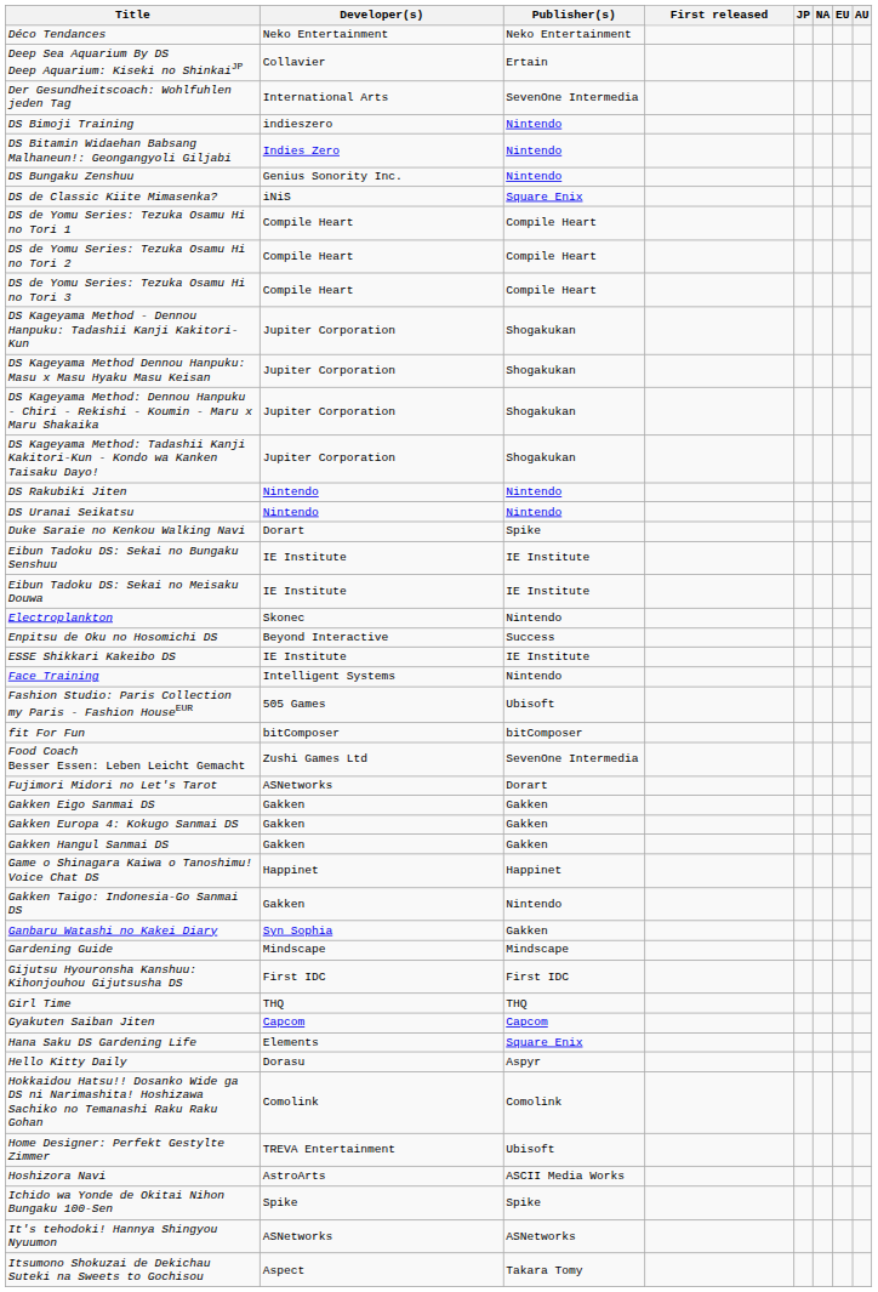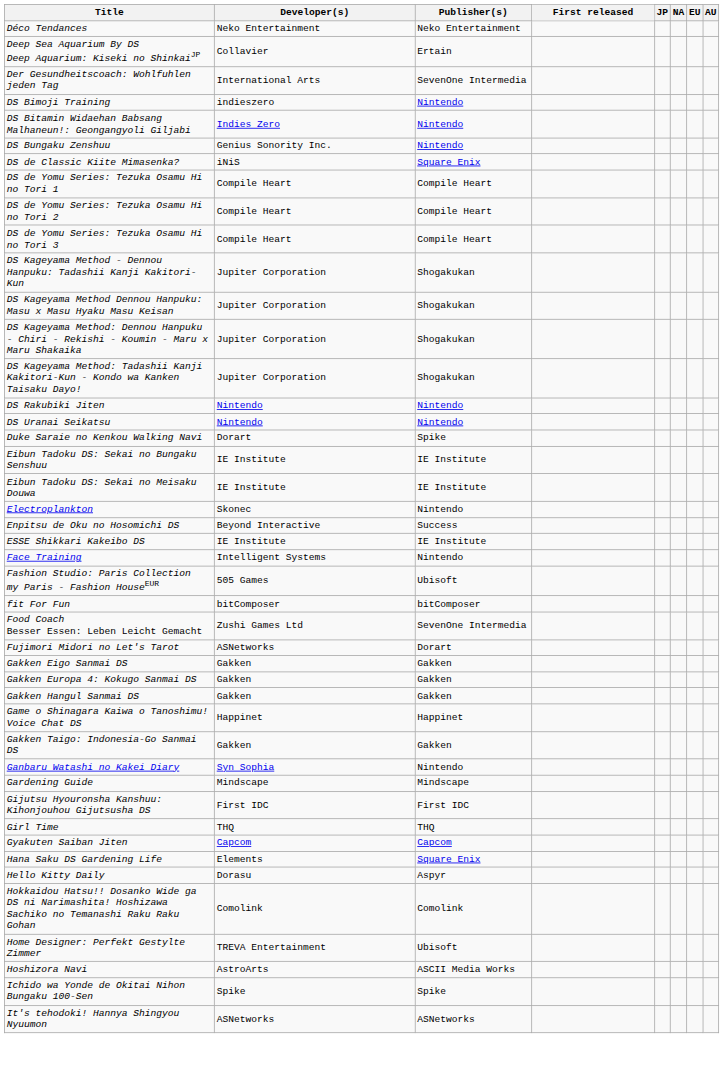 <table class="wikitable plainrowheaders sortable" style="font-size:90%;" id="applist">
 <tr>
 <th width=40%>Title</th>
 <th width=40%>Developer(s)</th>
 <th width=85%>Publisher(s)</th>
 <th style="display:inline-block; border:0; width:144px;">First released</th>
 <th width=5%>JP</th>
 <th width=5%>NA</th>
 <th width=5%>EU</th>
 <th width=5%>AU</th>
 </tr>
 <tr>
 <td><em>Déco Tendances</em></td>
 <td>Neko Entertainment</td>
 <td>Neko Entertainment</td>
 <td></td>
 <td></td>
 <td></td>
 <td></td>
 <td></td>
 </tr>
 <tr>
 <td><em>Deep Sea Aquarium By DS</em><br><em>Deep Aquarium: Kiseki no Shinkai</em><sup>JP</sup></td>
 <td>Collavier</td>
 <td>Ertain</td>
 <td></td>
 <td></td>
 <td></td>
 <td></td>
 <td></td>
 </tr>
 <tr>
 <td><em>Der Gesundheitscoach: Wohlfuhlen jeden Tag</em></td>
 <td>International Arts</td>
 <td>SevenOne Intermedia</td>
 <td></td>
 <td></td>
 <td></td>
 <td></td>
 <td></td>
 </tr>
 <tr>
 <td><em>DS Bimoji Training</em></td>
 <td>indieszero</td>
 <td><a href='#'>Nintendo</a></td>
 <td></td>
 <td></td>
 <td></td>
 <td></td>
 <td></td>
 </tr>
 <tr>
 <td><em>DS Bitamin Widaehan Babsang Malhaneun!: Geongangyoli Giljabi</em></td>
 <td><a href='#'>Indies Zero</a></td>
 <td><a href='#'>Nintendo</a></td>
 <td></td>
 <td></td>
 <td></td>
 <td></td>
 <td></td>
 </tr>
 <tr>
 <td><em>DS Bungaku Zenshuu</em></td>
 <td>Genius Sonority Inc.</td>
 <td><a href='#'>Nintendo</a></td>
 <td></td>
 <td></td>
 <td></td>
 <td></td>
 <td></td>
 </tr>
 <tr>
 <td><em>DS de Classic Kiite Mimasenka? </em></td>
 <td>iNiS</td>
 <td><a href='#'>Square Enix</a></td>
 <td></td>
 <td></td>
 <td></td>
 <td></td>
 <td></td>
 </tr>
 <tr>
 <td><em>DS de Yomu Series: Tezuka Osamu Hi no Tori 1</em></td>
 <td>Compile Heart</td>
 <td>Compile Heart</td>
 <td></td>
 <td></td>
 <td></td>
 <td></td>
 <td></td>
 </tr>
 <tr>
 <td><em>DS de Yomu Series: Tezuka Osamu Hi no Tori 2</em></td>
 <td>Compile Heart</td>
 <td>Compile Heart</td>
 <td></td>
 <td></td>
 <td></td>
 <td></td>
 <td></td>
 </tr>
 <tr>
 <td><em>DS de Yomu Series: Tezuka Osamu Hi no Tori 3</em></td>
 <td>Compile Heart</td>
 <td>Compile Heart</td>
 <td></td>
 <td></td>
 <td></td>
 <td></td>
 <td></td>
 </tr>
 <tr>
 <td><em>DS Kageyama Method - Dennou Hanpuku: Tadashii Kanji Kakitori-Kun</em></td>
 <td>Jupiter Corporation</td>
 <td>Shogakukan</td>
 <td></td>
 <td></td>
 <td></td>
 <td></td>
 <td></td>
 </tr>
 <tr>
 <td><em>DS Kageyama Method Dennou Hanpuku: Masu x Masu Hyaku Masu Keisan</em></td>
 <td>Jupiter Corporation</td>
 <td>Shogakukan</td>
 <td></td>
 <td></td>
 <td></td>
 <td></td>
 <td></td>
 </tr>
 <tr>
 <td><em>DS Kageyama Method: Dennou Hanpuku - Chiri - Rekishi - Koumin - Maru x Maru Shakaika</em></td>
 <td>Jupiter Corporation</td>
 <td>Shogakukan</td>
 <td></td>
 <td></td>
 <td></td>
 <td></td>
 <td></td>
 </tr>
 <tr>
 <td><em>DS Kageyama Method: Tadashii Kanji Kakitori-Kun - Kondo wa Kanken Taisaku Dayo!</em></td>
 <td>Jupiter Corporation</td>
 <td>Shogakukan</td>
 <td></td>
 <td></td>
 <td></td>
 <td></td>
 <td></td>
 </tr>
 <tr>
 <td><em>DS Rakubiki Jiten</em></td>
 <td><a href='#'>Nintendo</a></td>
 <td><a href='#'>Nintendo</a></td>
 <td></td>
 <td></td>
 <td></td>
 <td></td>
 <td></td>
 </tr>
 <tr>
 <td><em>DS Uranai Seikatsu</em></td>
 <td><a href='#'>Nintendo</a></td>
 <td><a href='#'>Nintendo</a></td>
 <td></td>
 <td></td>
 <td></td>
 <td></td>
 <td></td>
 </tr>
 <tr>
 <td><em>Duke Saraie no Kenkou Walking Navi</em></td>
 <td>Dorart</td>
 <td>Spike</td>
 <td></td>
 <td></td>
 <td></td>
 <td></td>
 <td></td>
 </tr>
 <tr>
 <td><em>Eibun Tadoku DS: Sekai no Bungaku Senshuu</em></td>
 <td>IE Institute</td>
 <td>IE Institute</td>
 <td></td>
 <td></td>
 <td></td>
 <td></td>
 <td></td>
 </tr>
 <tr>
 <td><em>Eibun Tadoku DS: Sekai no Meisaku Douwa</em></td>
 <td>IE Institute</td>
 <td>IE Institute</td>
 <td></td>
 <td></td>
 <td></td>
 <td></td>
 <td></td>
 </tr>
 <tr>
 <td><em><a href='#'>Electroplankton</a></em></td>
 <td>Skonec</td>
 <td>Nintendo</td>
 <td></td>
 <td></td>
 <td></td>
 <td></td>
 <td></td>
 </tr>
 <tr>
 <td><em>Enpitsu de Oku no Hosomichi DS</em></td>
 <td>Beyond Interactive</td>
 <td>Success</td>
 <td></td>
 <td></td>
 <td></td>
 <td></td>
 <td></td>
 </tr>
 <tr>
 <td><em>ESSE Shikkari Kakeibo DS</em></td>
 <td>IE Institute</td>
 <td>IE Institute</td>
 <td></td>
 <td></td>
 <td></td>
 <td></td>
 <td></td>
 </tr>
 <tr>
 <td><em><a href='#'>Face Training</a></em></td>
 <td>Intelligent Systems</td>
 <td>Nintendo</td>
 <td></td>
 <td></td>
 <td></td>
 <td></td>
 <td></td>
 </tr>
 <tr>
 <td><em>Fashion Studio: Paris Collection</em><br><em>my Paris - Fashion House</em><sup>EUR</sup></td>
 <td>505 Games</td>
 <td>Ubisoft</td>
 <td></td>
 <td></td>
 <td></td>
 <td></td>
 <td></td>
 </tr>
 <tr>
 <td><em>fit For Fun</em></td>
 <td>bitComposer</td>
 <td>bitComposer</td>
 <td></td>
 <td></td>
 <td></td>
 <td></td>
 <td></td>
 </tr>
 <tr>
 <td><em>Food Coach</em><br>Besser Essen: Leben Leicht Gemacht<br></td>
 <td>Zushi Games Ltd</td>
 <td>SevenOne Intermedia</td>
 <td></td>
 <td></td>
 <td></td>
 <td></td>
 <td></td>
 </tr>
 <tr>
 <td><em>Fujimori Midori no Let's Tarot</em></td>
 <td>ASNetworks</td>
 <td>Dorart</td>
 <td></td>
 <td></td>
 <td></td>
 <td></td>
 <td></td>
 </tr>
 <tr>
 <td><em>Gakken Eigo Sanmai DS</em></td>
 <td>Gakken</td>
 <td>Gakken</td>
 <td></td>
 <td></td>
 <td></td>
 <td></td>
 <td></td>
 </tr>
 <tr>
 <td><em>Gakken Europa 4: Kokugo Sanmai DS</em></td>
 <td>Gakken</td>
 <td>Gakken</td>
 <td></td>
 <td></td>
 <td></td>
 <td></td>
 <td></td>
 </tr>
 <tr>
 <td><em>Gakken Hangul Sanmai DS</em></td>
 <td>Gakken</td>
 <td>Gakken</td>
 <td></td>
 <td></td>
 <td></td>
 <td></td>
 <td></td>
 </tr>
 <tr>
 <td><em>Game o Shinagara Kaiwa o Tanoshimu! Voice Chat DS</em></td>
 <td>Happinet</td>
 <td>Happinet</td>
 <td></td>
 <td></td>
 <td></td>
 <td></td>
 <td></td>
 </tr>
 <tr>
 <td><em>Gakken Taigo: Indonesia-Go Sanmai DS</em></td>
 <td>Gakken</td>
-<td>Nintendo</td>
+<td>Gakken</td>
 <td></td>
 <td></td>
 <td></td>
 <td></td>
 <td></td>
 </tr>
 <tr>
 <td><em><a href='#'>Ganbaru Watashi no Kakei Diary</a></em></td>
 <td><a href='#'>Syn Sophia</a></td>
-<td>Gakken</td>
+<td>Nintendo</td>
 <td></td>
 <td></td>
 <td></td>
 <td></td>
 <td></td>
 </tr>
 <tr>
 <td><em>Gardening Guide</em></td>
 <td>Mindscape</td>
 <td>Mindscape</td>
 <td></td>
 <td></td>
 <td></td>
 <td></td>
 <td></td>
 </tr>
 <tr>
 <td><em>Gijutsu Hyouronsha Kanshuu: Kihonjouhou Gijutsusha DS</em></td>
 <td>First IDC</td>
 <td>First IDC</td>
 <td></td>
 <td></td>
 <td></td>
 <td></td>
 <td></td>
 </tr>
 <tr>
 <td><em>Girl Time</em></td>
 <td>THQ</td>
 <td>THQ</td>
 <td></td>
 <td></td>
 <td></td>
 <td></td>
 <td></td>
 </tr>
 <tr>
 <td><em>Gyakuten Saiban Jiten</em></td>
 <td><a href='#'>Capcom</a></td>
 <td><a href='#'>Capcom</a></td>
 <td></td>
 <td></td>
 <td></td>
 <td></td>
 <td></td>
 </tr>
 <tr>
 <td><em>Hana Saku DS Gardening Life</em></td>
 <td>Elements</td>
 <td><a href='#'>Square Enix</a></td>
 <td></td>
 <td></td>
 <td></td>
 <td></td>
 <td></td>
 </tr>
 <tr>
 <td><em>Hello Kitty Daily</em></td>
 <td>Dorasu</td>
 <td>Aspyr</td>
 <td></td>
 <td></td>
 <td></td>
 <td></td>
 <td></td>
 </tr>
 <tr>
 <td><em>Hokkaidou Hatsu!! Dosanko Wide ga DS ni Narimashita! Hoshizawa Sachiko no Temanashi Raku Raku Gohan</em></td>
 <td>Comolink</td>
 <td>Comolink</td>
 <td></td>
 <td></td>
 <td></td>
 <td></td>
 <td></td>
 </tr>
 <tr>
 <td><em>Home Designer: Perfekt Gestylte Zimmer</em></td>
 <td>TREVA Entertainment</td>
 <td>Ubisoft</td>
 <td></td>
 <td></td>
 <td></td>
 <td></td>
 <td></td>
 </tr>
 <tr>
 <td><em>Hoshizora Navi</em></td>
 <td>AstroArts</td>
 <td>ASCII Media Works</td>
 <td></td>
 <td></td>
 <td></td>
 <td></td>
 <td></td>
 </tr>
 <tr>
 <td><em>Ichido wa Yonde de Okitai Nihon Bungaku 100-Sen</em></td>
 <td>Spike</td>
 <td>Spike</td>
 <td></td>
 <td></td>
 <td></td>
 <td></td>
 <td></td>
 </tr>
 <tr>
 <td><em>It's tehodoki! Hannya Shingyou Nyuumon</em></td>
 <td>ASNetworks</td>
 <td>ASNetworks</td>
 <td></td>
 <td></td>
 <td></td>
 <td></td>
 <td></td>
 </tr>
-<tr>
-<td><em>Itsumono Shokuzai de Dekichau Suteki na Sweets to Gochisou</em></td>
-<td>Aspect</td>
-<td>Takara Tomy</td>
-<td></td>
-<td></td>
-<td></td>
-<td></td>
-<td></td>
-</tr>
 </table>
